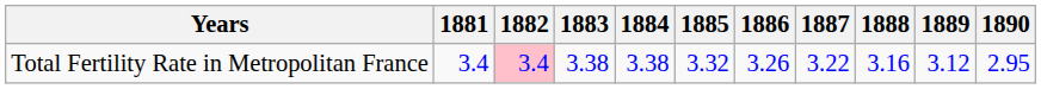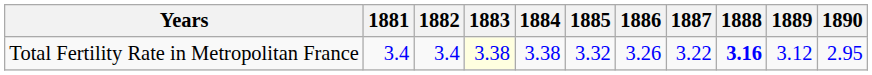 <table class="wikitable " style="text-align:right">
 <tr>
 <th>Years</th>
 <th>1881</th>
 <th>1882</th>
 <th>1883</th>
 <th>1884</th>
 <th>1885</th>
 <th>1886</th>
 <th>1887</th>
 <th>1888</th>
 <th>1889</th>
 <th>1890</th>
 </tr>
 <tr>
 <td style="text-align:left;">Total Fertility Rate in Metropolitan France</td>
 <td style="text-align:right; color:blue;">3.4</td>
-<td style="background: pink; text-align:right; color:blue;">3.4</td>
-<td style="text-align:right; color:blue;">3.38</td>
+<td style="text-align:right; color:blue;">3.4</td>
+<td style="background: lightyellow; text-align:right; color:blue;">3.38</td>
 <td style="text-align:right; color:blue;">3.38</td>
 <td style="text-align:right; color:blue;">3.32</td>
 <td style="text-align:right; color:blue;">3.26</td>
 <td style="text-align:right; color:blue;">3.22</td>
-<td style="text-align:right; color:blue;">3.16</td>
+<td style="text-align:right; color:blue;"><strong>3.16</strong></td>
 <td style="text-align:right; color:blue;">3.12</td>
 <td style="text-align:right; color:blue;">2.95</td>
 </tr>
 </table>
